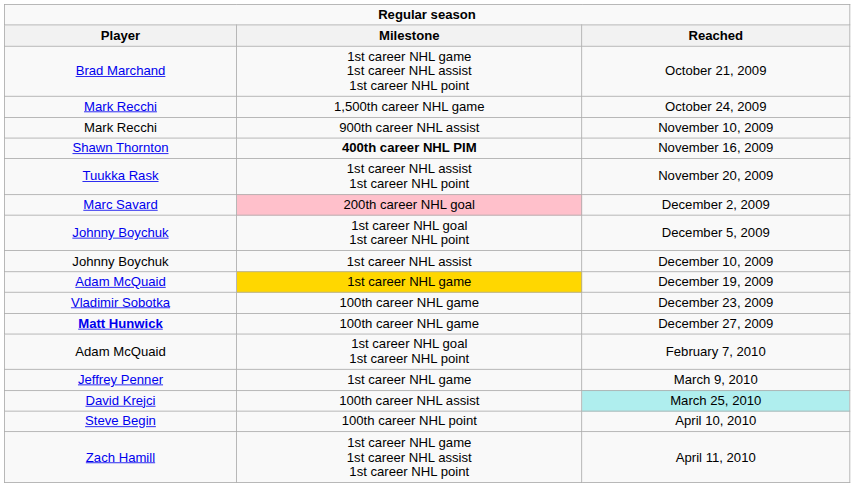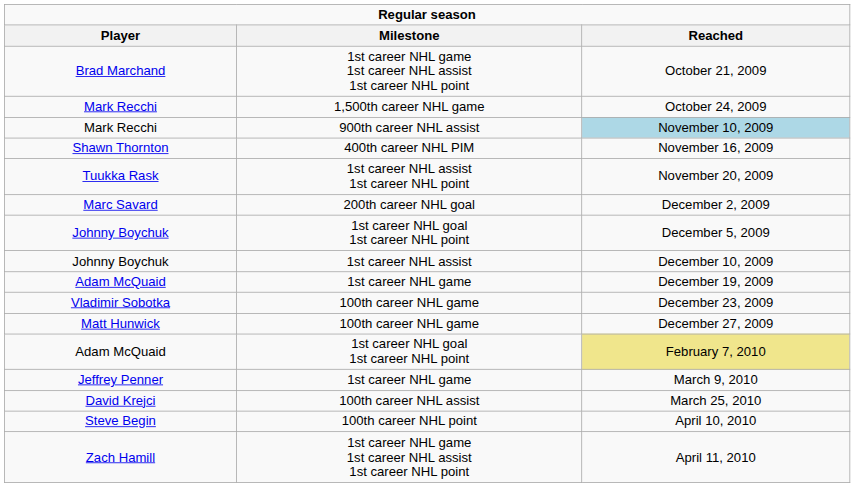 <table class="wikitable"  style="width:52%; text-align:center;">
 <tr>
 <td colspan="10" style="text-align:center;"><strong>Regular season</strong></td>
 </tr>
 <tr>
 <th>Player</th>
 <th>Milestone</th>
 <th>Reached</th>
 </tr>
 <tr>
 <td><a href='#'>Brad Marchand</a></td>
 <td>1st career NHL game<br>1st career NHL assist<br>1st career NHL point</td>
 <td>October 21, 2009</td>
 </tr>
 <tr>
 <td><a href='#'>Mark Recchi</a></td>
 <td>1,500th career NHL game</td>
 <td>October 24, 2009</td>
 </tr>
 <tr>
 <td>Mark Recchi</td>
 <td>900th career NHL assist</td>
-<td>November 10, 2009</td>
+<td style="background: lightblue;">November 10, 2009</td>
 </tr>
 <tr>
 <td><a href='#'>Shawn Thornton</a></td>
-<td><strong>400th career NHL PIM</strong></td>
+<td>400th career NHL PIM</td>
 <td>November 16, 2009</td>
 </tr>
 <tr>
 <td><a href='#'>Tuukka Rask</a></td>
 <td>1st career NHL assist<br>1st career NHL point</td>
 <td>November 20, 2009</td>
 </tr>
 <tr>
 <td><a href='#'>Marc Savard</a></td>
-<td style="background: pink;">200th career NHL goal</td>
+<td>200th career NHL goal</td>
 <td>December 2, 2009</td>
 </tr>
 <tr>
 <td><a href='#'>Johnny Boychuk</a></td>
 <td>1st career NHL goal<br>1st career NHL point</td>
 <td>December 5, 2009</td>
 </tr>
 <tr>
 <td>Johnny Boychuk</td>
 <td>1st career NHL assist</td>
 <td>December 10, 2009</td>
 </tr>
 <tr>
 <td><a href='#'>Adam McQuaid</a></td>
-<td style="background: gold;">1st career NHL game</td>
+<td>1st career NHL game</td>
 <td>December 19, 2009</td>
 </tr>
 <tr>
 <td><a href='#'>Vladimir Sobotka</a></td>
 <td>100th career NHL game</td>
 <td>December 23, 2009</td>
 </tr>
 <tr>
-<td><strong><a href='#'>Matt Hunwick</a></strong></td>
+<td><a href='#'>Matt Hunwick</a></td>
 <td>100th career NHL game</td>
 <td>December 27, 2009</td>
 </tr>
 <tr>
 <td>Adam McQuaid</td>
 <td>1st career NHL goal<br>1st career NHL point</td>
-<td>February 7, 2010</td>
+<td style="background: khaki;">February 7, 2010</td>
 </tr>
 <tr>
 <td><a href='#'>Jeffrey Penner</a></td>
 <td>1st career NHL game</td>
 <td>March 9, 2010</td>
 </tr>
 <tr>
 <td><a href='#'>David Krejci</a></td>
 <td>100th career NHL assist</td>
-<td style="background: paleturquoise;">March 25, 2010</td>
+<td>March 25, 2010</td>
 </tr>
 <tr>
 <td><a href='#'>Steve Begin</a></td>
 <td>100th career NHL point</td>
 <td>April 10, 2010</td>
 </tr>
 <tr>
 <td><a href='#'>Zach Hamill</a></td>
 <td>1st career NHL game<br>1st career NHL assist<br>1st career NHL point</td>
 <td>April 11, 2010</td>
 </tr>
 </table>
